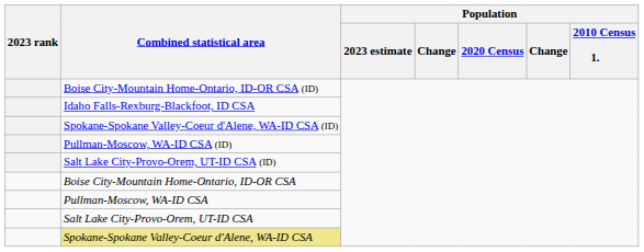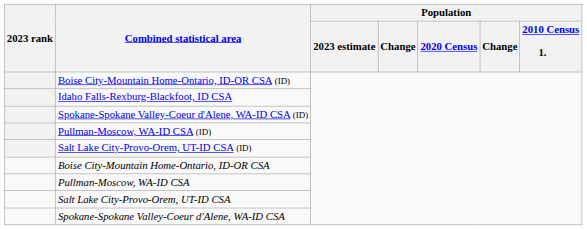 <table class="wikitable sortable">
 <tr>
 <th scope=col rowspan=2>2023 rank</th>
 <th scope=col rowspan=2><a href='#'>Combined statistical area</a></th>
 <th colspan=5>Population</th>
 </tr>
 <tr>
 <th scope=col>2023 estimate</th>
 <th scope=col>Change</th>
 <th scope=col><a href='#'>2020 Census</a></th>
 <th scope=col>Change</th>
 <th scope=col><a href='#'>2010 Census</a><br><ol><li></li></ol></th>
 </tr>
 <tr>
 <th scope=row></th>
 <td><a href='#'>Boise City-Mountain Home-Ontario, ID-OR CSA</a> <small>(ID)</small><br></td>
 </tr>
 <tr>
 <th scope=row></th>
 <td><a href='#'>Idaho Falls-Rexburg-Blackfoot, ID CSA</a><br></td>
 </tr>
 <tr>
 <th scope=row></th>
 <td><a href='#'>Spokane-Spokane Valley-Coeur d'Alene, WA-ID CSA</a> <small>(ID)</small><br></td>
 </tr>
 <tr>
 <th scope=row></th>
 <td><a href='#'>Pullman-Moscow, WA-ID CSA</a> <small>(ID)</small><br></td>
 </tr>
 <tr>
 <th scope=row></th>
 <td><a href='#'>Salt Lake City-Provo-Orem, UT-ID CSA</a> <small>(ID)</small><br></td>
 </tr>
 <tr>
 <td></td>
 <td><em><span>Boise City-Mountain Home-Ontario, ID-OR CSA</span></em><br></td>
 </tr>
 <tr>
 <td></td>
 <td><em><span>Pullman-Moscow, WA-ID CSA</span></em><br></td>
 </tr>
 <tr>
 <td></td>
 <td><em><span>Salt Lake City-Provo-Orem, UT-ID CSA</span></em><br></td>
 </tr>
 <tr>
 <td></td>
-<td style="background: khaki;"><em><span>Spokane-Spokane Valley-Coeur d'Alene, WA-ID CSA</span></em><br></td>
+<td><em><span>Spokane-Spokane Valley-Coeur d'Alene, WA-ID CSA</span></em><br></td>
 </tr>
 </table>
